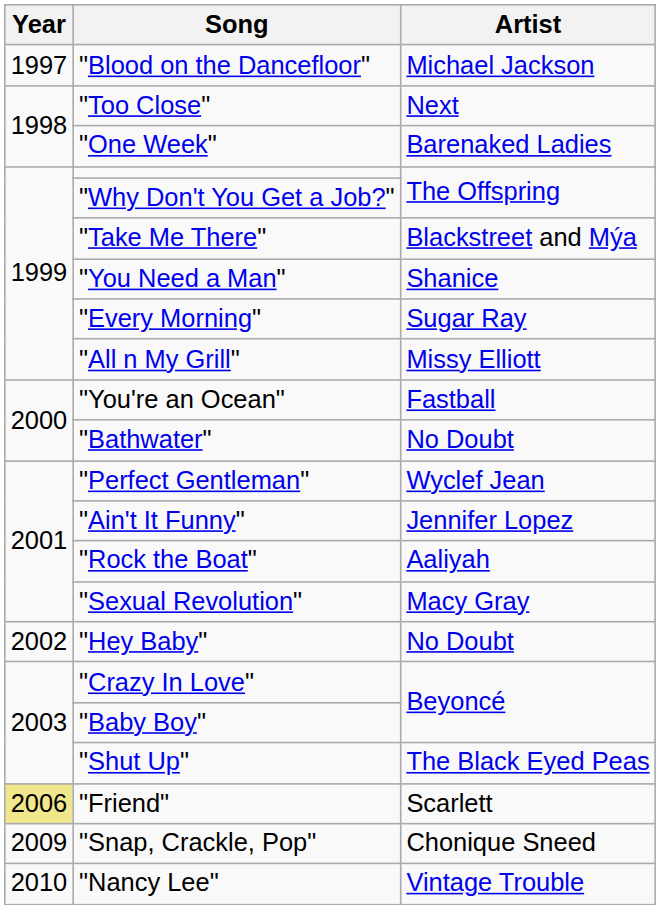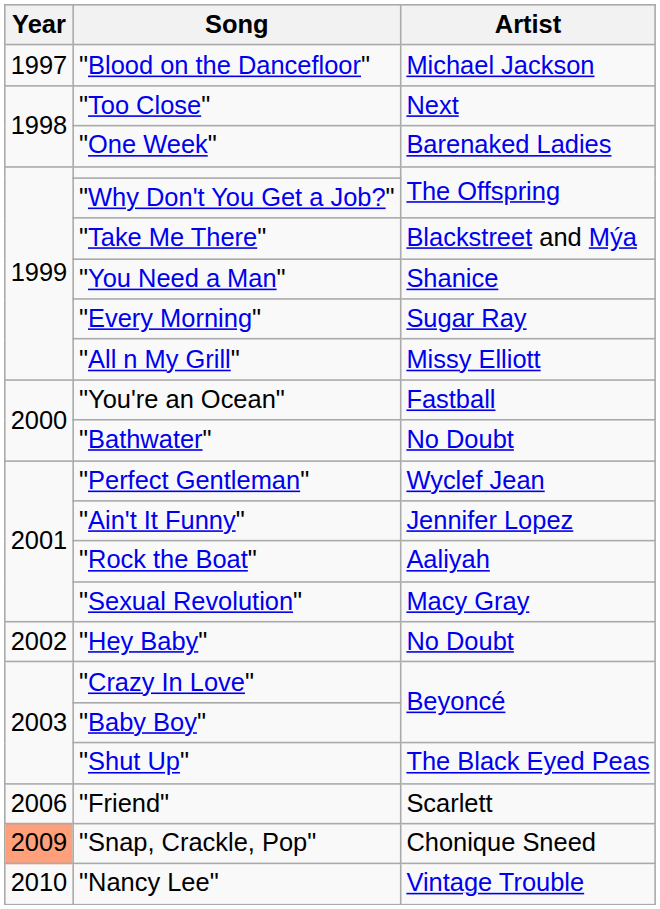 <table class="wikitable">
 <tr>
 <th>Year</th>
 <th>Song</th>
 <th>Artist</th>
 </tr>
 <tr>
 <td>1997</td>
 <td>"<a href='#'>Blood on the Dancefloor</a>"</td>
 <td><a href='#'>Michael Jackson</a></td>
 </tr>
 <tr>
 <td rowspan="2">1998</td>
 <td>"<a href='#'>Too Close</a>"</td>
 <td><a href='#'>Next</a></td>
 </tr>
 <tr>
 <td>"<a href='#'>One Week</a>"</td>
 <td><a href='#'>Barenaked Ladies</a></td>
 </tr>
 <tr>
 <td rowspan="6">1999</td>
 <td></td>
 <td rowspan=2><a href='#'>The Offspring</a></td>
 </tr>
 <tr>
 <td>"<a href='#'>Why Don't You Get a Job?</a>"</td>
 </tr>
 <tr>
 <td>"<a href='#'>Take Me There</a>"</td>
 <td><a href='#'>Blackstreet</a> and <a href='#'>Mýa</a></td>
 </tr>
 <tr>
 <td>"<a href='#'>You Need a Man</a>"</td>
 <td><a href='#'>Shanice</a></td>
 </tr>
 <tr>
 <td>"<a href='#'>Every Morning</a>"</td>
 <td><a href='#'>Sugar Ray</a></td>
 </tr>
 <tr>
 <td>"<a href='#'>All n My Grill</a>"</td>
 <td><a href='#'>Missy Elliott</a></td>
 </tr>
 <tr>
 <td rowspan="2">2000</td>
 <td>"You're an Ocean"</td>
 <td><a href='#'>Fastball</a></td>
 </tr>
 <tr>
 <td>"<a href='#'>Bathwater</a>"</td>
 <td><a href='#'>No Doubt</a></td>
 </tr>
 <tr>
 <td rowspan="4">2001</td>
 <td>"<a href='#'>Perfect Gentleman</a>"</td>
 <td><a href='#'>Wyclef Jean</a></td>
 </tr>
 <tr>
 <td>"<a href='#'>Ain't It Funny</a>"</td>
 <td><a href='#'>Jennifer Lopez</a></td>
 </tr>
 <tr>
 <td>"<a href='#'>Rock the Boat</a>"</td>
 <td><a href='#'>Aaliyah</a></td>
 </tr>
 <tr>
 <td>"<a href='#'>Sexual Revolution</a>"</td>
 <td><a href='#'>Macy Gray</a></td>
 </tr>
 <tr>
 <td>2002</td>
 <td>"<a href='#'>Hey Baby</a>"</td>
 <td><a href='#'>No Doubt</a></td>
 </tr>
 <tr>
 <td rowspan="3">2003</td>
 <td>"<a href='#'>Crazy In Love</a>"</td>
 <td rowspan=2><a href='#'>Beyoncé</a></td>
 </tr>
 <tr>
 <td>"<a href='#'>Baby Boy</a>"</td>
 </tr>
 <tr>
 <td>"<a href='#'>Shut Up</a>"</td>
 <td><a href='#'>The Black Eyed Peas</a></td>
 </tr>
 <tr>
-<td style="background: khaki;">2006</td>
+<td>2006</td>
 <td>"Friend"</td>
 <td>Scarlett</td>
 </tr>
 <tr>
-<td>2009</td>
+<td style="background: lightsalmon;">2009</td>
 <td>"Snap, Crackle, Pop"</td>
 <td>Chonique Sneed</td>
 </tr>
 <tr>
 <td>2010</td>
 <td>"Nancy Lee"</td>
 <td><a href='#'>Vintage Trouble</a></td>
 </tr>
 <tr>
 </tr>
 </table>
